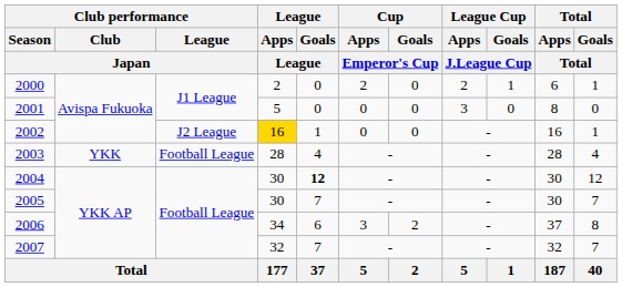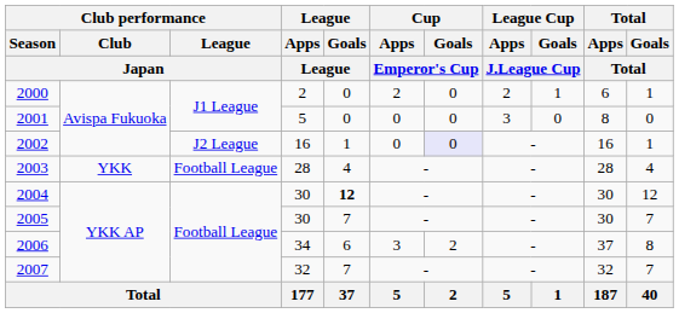 <table class="wikitable" style="text-align:center;">
 <tr>
 <th colspan=3>Club performance</th>
 <th colspan=2>League</th>
 <th colspan=2>Cup</th>
 <th colspan=2>League Cup</th>
 <th colspan=2>Total</th>
 </tr>
 <tr>
 <th>Season</th>
 <th>Club</th>
 <th>League</th>
 <th>Apps</th>
 <th>Goals</th>
 <th>Apps</th>
 <th>Goals</th>
 <th>Apps</th>
 <th>Goals</th>
 <th>Apps</th>
 <th>Goals</th>
 </tr>
 <tr>
 <th colspan=3>Japan</th>
 <th colspan=2>League</th>
 <th colspan=2><a href='#'>Emperor's Cup</a></th>
 <th colspan=2><a href='#'>J.League Cup</a></th>
 <th colspan=2>Total</th>
 </tr>
 <tr>
 <td><a href='#'>2000</a></td>
 <td rowspan="3"><a href='#'>Avispa Fukuoka</a></td>
 <td rowspan="2"><a href='#'>J1 League</a></td>
 <td>2</td>
 <td>0</td>
 <td>2</td>
 <td>0</td>
 <td>2</td>
 <td>1</td>
 <td>6</td>
 <td>1</td>
 </tr>
 <tr>
 <td><a href='#'>2001</a></td>
 <td>5</td>
 <td>0</td>
 <td>0</td>
 <td>0</td>
 <td>3</td>
 <td>0</td>
 <td>8</td>
 <td>0</td>
 </tr>
 <tr>
 <td><a href='#'>2002</a></td>
 <td><a href='#'>J2 League</a></td>
-<td style="background: gold;">16</td>
+<td>16</td>
 <td>1</td>
 <td>0</td>
-<td>0</td>
+<td style="background: lavender;">0</td>
 <td colspan="2">-</td>
 <td>16</td>
 <td>1</td>
 </tr>
 <tr>
 <td><a href='#'>2003</a></td>
 <td><a href='#'>YKK</a></td>
 <td><a href='#'>Football League</a></td>
 <td>28</td>
 <td>4</td>
 <td colspan="2">-</td>
 <td colspan="2">-</td>
 <td>28</td>
 <td>4</td>
 </tr>
 <tr>
 <td><a href='#'>2004</a></td>
 <td rowspan="4"><a href='#'>YKK AP</a></td>
 <td rowspan="4"><a href='#'>Football League</a></td>
 <td>30</td>
 <td><strong>12</strong></td>
 <td colspan="2">-</td>
 <td colspan="2">-</td>
 <td>30</td>
 <td>12</td>
 </tr>
 <tr>
 <td><a href='#'>2005</a></td>
 <td>30</td>
 <td>7</td>
 <td colspan="2">-</td>
 <td colspan="2">-</td>
 <td>30</td>
 <td>7</td>
 </tr>
 <tr>
 <td><a href='#'>2006</a></td>
 <td>34</td>
 <td>6</td>
 <td>3</td>
 <td>2</td>
 <td colspan="2">-</td>
 <td>37</td>
 <td>8</td>
 </tr>
 <tr>
 <td><a href='#'>2007</a></td>
 <td>32</td>
 <td>7</td>
 <td colspan="2">-</td>
 <td colspan="2">-</td>
 <td>32</td>
 <td>7</td>
 </tr>
 <tr>
 <th colspan=3>Total</th>
 <th>177</th>
 <th>37</th>
 <th>5</th>
 <th>2</th>
 <th>5</th>
 <th>1</th>
 <th>187</th>
 <th>40</th>
 </tr>
 </table>
